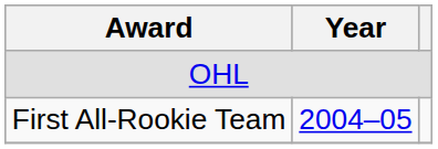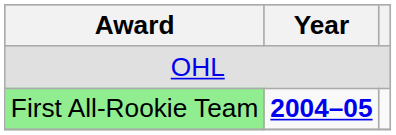 <table class="wikitable">
 <tr>
 <th>Award</th>
 <th>Year</th>
 <th></th>
 </tr>
 <tr ALIGN="center" bgcolor="#e0e0e0">
 <td colspan="3"><a href='#'>OHL</a></td>
 </tr>
 <tr>
-<td>First All-Rookie Team</td>
-<td><a href='#'>2004–05</a></td>
+<td style="background: lightgreen;">First All-Rookie Team</td>
+<td><strong><a href='#'>2004–05</a></strong></td>
 <td></td>
 </tr>
 <tr>
 </tr>
 </table>
